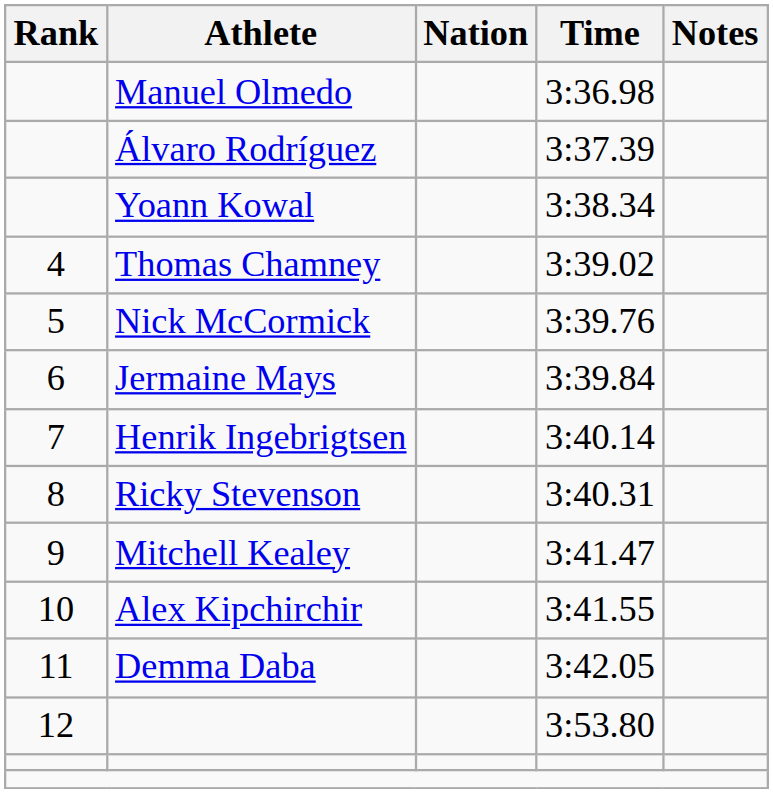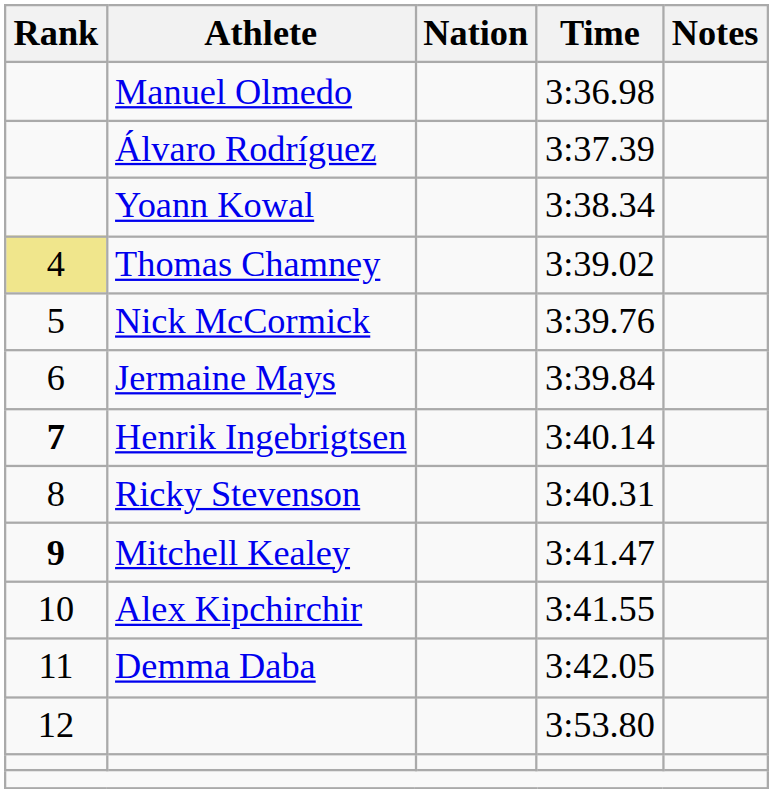 <table class="wikitable mw-datatable sortable" style="text-align:center;">
 <tr>
 <th scope="col" style="width: 10px;">Rank</th>
 <th scope="col">Athlete</th>
 <th scope="col">Nation</th>
 <th scope="col">Time</th>
 <th scope="col">Notes</th>
 </tr>
 <tr>
 <td></td>
 <td align="left"><a href='#'>Manuel Olmedo</a></td>
 <td align="left"></td>
 <td>3:36.98</td>
 <td></td>
 </tr>
 <tr>
 <td></td>
 <td align="left"><a href='#'>Álvaro Rodríguez</a></td>
 <td align="left"></td>
 <td>3:37.39</td>
 <td></td>
 </tr>
 <tr>
 <td></td>
 <td align="left"><a href='#'>Yoann Kowal</a></td>
 <td align="left"></td>
 <td>3:38.34</td>
 <td></td>
 </tr>
 <tr>
-<td>4</td>
+<td style="background: khaki;">4</td>
 <td align="left"><a href='#'>Thomas Chamney</a></td>
 <td align="left"></td>
 <td>3:39.02</td>
 <td></td>
 </tr>
 <tr>
 <td>5</td>
 <td align="left"><a href='#'>Nick McCormick</a></td>
 <td align="left"></td>
 <td>3:39.76</td>
 <td></td>
 </tr>
 <tr>
 <td>6</td>
 <td align="left"><a href='#'>Jermaine Mays</a></td>
 <td align="left"></td>
 <td>3:39.84</td>
 <td></td>
 </tr>
 <tr>
-<td>7</td>
+<td><strong>7</strong></td>
 <td align="left"><a href='#'>Henrik Ingebrigtsen</a></td>
 <td align="left"></td>
 <td>3:40.14</td>
 <td></td>
 </tr>
 <tr>
 <td>8</td>
 <td align="left"><a href='#'>Ricky Stevenson</a></td>
 <td align="left"></td>
 <td>3:40.31</td>
 <td></td>
 </tr>
 <tr>
-<td>9</td>
+<td><strong>9</strong></td>
 <td align="left"><a href='#'>Mitchell Kealey</a></td>
 <td align="left"></td>
 <td>3:41.47</td>
 <td></td>
 </tr>
 <tr>
 <td>10</td>
 <td align="left"><a href='#'>Alex Kipchirchir</a></td>
 <td align="left"></td>
 <td>3:41.55</td>
 <td></td>
 </tr>
 <tr>
 <td>11</td>
 <td align="left"><a href='#'>Demma Daba</a></td>
 <td align="left"></td>
 <td>3:42.05</td>
 <td></td>
 </tr>
 <tr>
 <td>12</td>
 <td align="left"></td>
 <td align="left"></td>
 <td>3:53.80</td>
 <td></td>
 </tr>
 <tr>
 <td></td>
 <td align="left"></td>
 <td align="left"></td>
 <td></td>
 <td></td>
 </tr>
 <tr class="sortbottom">
 <td colspan="5"></td>
 </tr>
 </table>
